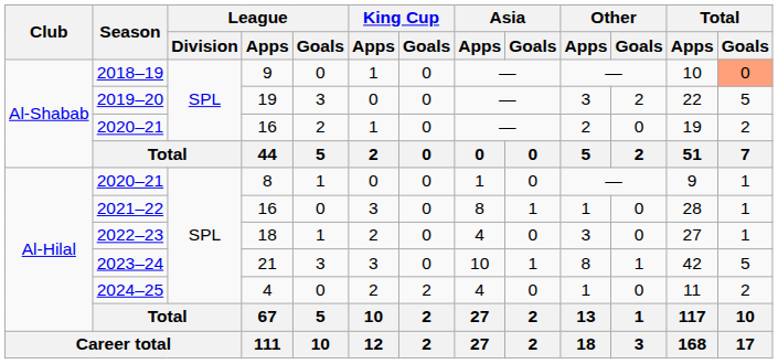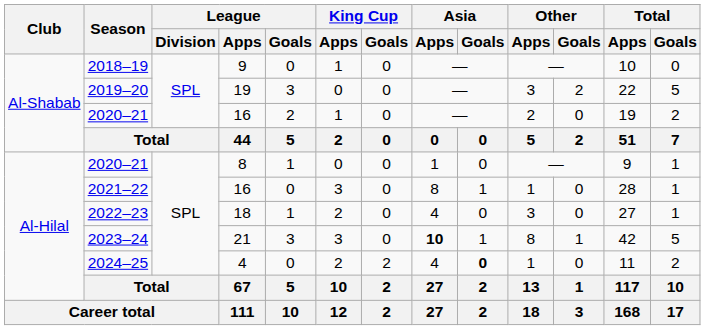 <table class="wikitable" style="text-align: center">
 <tr>
 <th rowspan=2>Club</th>
 <th rowspan=2>Season</th>
 <th colspan=3>League</th>
 <th colspan=2><a href='#'>King Cup</a></th>
 <th colspan=2>Asia</th>
 <th colspan=2>Other</th>
 <th colspan=2>Total</th>
 </tr>
 <tr>
 <th>Division</th>
 <th>Apps</th>
 <th>Goals</th>
 <th>Apps</th>
 <th>Goals</th>
 <th>Apps</th>
 <th>Goals</th>
 <th>Apps</th>
 <th>Goals</th>
 <th>Apps</th>
 <th>Goals</th>
 </tr>
 <tr>
 <td rowspan=4><a href='#'>Al-Shabab</a></td>
 <td><a href='#'>2018–19</a></td>
 <td rowspan=3><a href='#'>SPL</a></td>
 <td>9</td>
 <td>0</td>
 <td>1</td>
 <td>0</td>
 <td colspan=2>—</td>
 <td colspan=2>—</td>
 <td>10</td>
-<td style="background: lightsalmon;">0</td>
+<td>0</td>
 </tr>
 <tr>
 <td><a href='#'>2019–20</a></td>
 <td>19</td>
 <td>3</td>
 <td>0</td>
 <td>0</td>
 <td colspan=2>—</td>
 <td>3</td>
 <td>2</td>
 <td>22</td>
 <td>5</td>
 </tr>
 <tr>
 <td><a href='#'>2020–21</a></td>
 <td>16</td>
 <td>2</td>
 <td>1</td>
 <td>0</td>
 <td colspan=2>—</td>
 <td>2</td>
 <td>0</td>
 <td>19</td>
 <td>2</td>
 </tr>
 <tr>
 <th colspan=2>Total</th>
 <th>44</th>
 <th>5</th>
 <th>2</th>
 <th>0</th>
 <th>0</th>
 <th>0</th>
 <th>5</th>
 <th>2</th>
 <th>51</th>
 <th>7</th>
 </tr>
 <tr>
 <td rowspan=6><a href='#'>Al-Hilal</a></td>
 <td><a href='#'>2020–21</a></td>
 <td rowspan=5>SPL</td>
 <td>8</td>
 <td>1</td>
 <td>0</td>
 <td>0</td>
 <td>1</td>
 <td>0</td>
 <td colspan=2>—</td>
 <td>9</td>
 <td>1</td>
 </tr>
 <tr>
 <td><a href='#'>2021–22</a></td>
 <td>16</td>
 <td>0</td>
 <td>3</td>
 <td>0</td>
 <td>8</td>
 <td>1</td>
 <td>1</td>
 <td>0</td>
 <td>28</td>
 <td>1</td>
 </tr>
 <tr>
 <td><a href='#'>2022–23</a></td>
 <td>18</td>
 <td>1</td>
 <td>2</td>
 <td>0</td>
 <td>4</td>
 <td>0</td>
 <td>3</td>
 <td>0</td>
 <td>27</td>
 <td>1</td>
 </tr>
 <tr>
 <td><a href='#'>2023–24</a></td>
 <td>21</td>
 <td>3</td>
 <td>3</td>
 <td>0</td>
-<td>10</td>
+<td><strong>10</strong></td>
 <td>1</td>
 <td>8</td>
 <td>1</td>
 <td>42</td>
 <td>5</td>
 </tr>
 <tr>
 <td><a href='#'>2024–25</a></td>
 <td>4</td>
 <td>0</td>
 <td>2</td>
 <td>2</td>
 <td>4</td>
-<td>0</td>
+<td><strong>0</strong></td>
 <td>1</td>
 <td>0</td>
 <td>11</td>
 <td>2</td>
 </tr>
 <tr>
 <th colspan=2>Total</th>
 <th>67</th>
 <th>5</th>
 <th>10</th>
 <th>2</th>
 <th>27</th>
 <th>2</th>
 <th>13</th>
 <th>1</th>
 <th>117</th>
 <th>10</th>
 </tr>
 <tr>
 <th colspan=3>Career total</th>
 <th>111</th>
 <th>10</th>
 <th>12</th>
 <th>2</th>
 <th>27</th>
 <th>2</th>
 <th>18</th>
 <th>3</th>
 <th>168</th>
 <th>17</th>
 </tr>
 </table>
